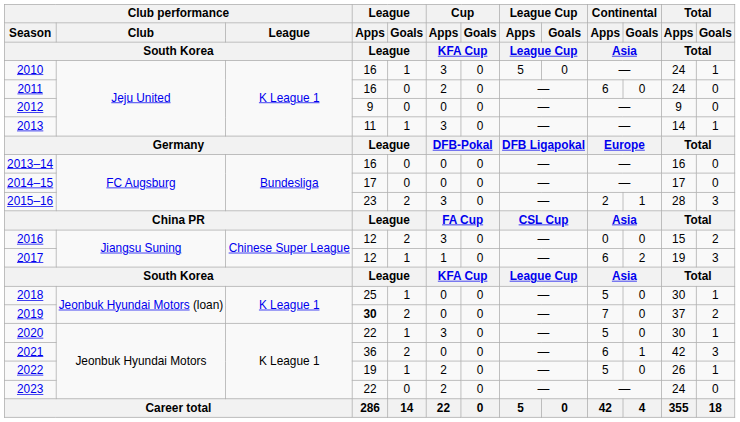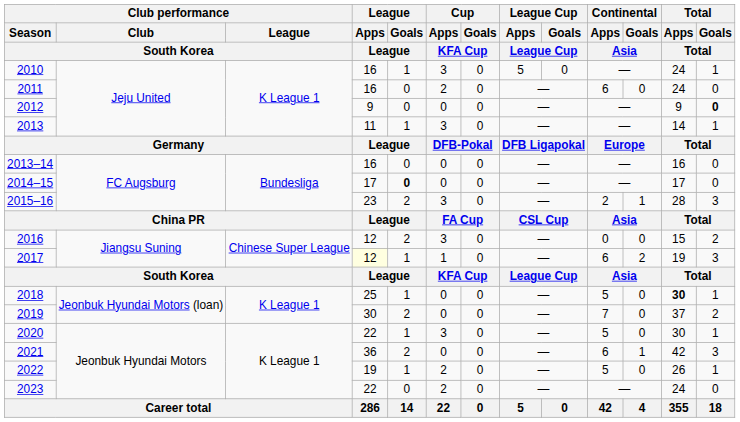 <table class="wikitable" style="text-align:center">
 <tr>
 <th colspan="3">Club performance</th>
 <th colspan="2">League</th>
 <th colspan="2">Cup</th>
 <th colspan="2">League Cup</th>
 <th colspan="2">Continental</th>
 <th colspan="2">Total</th>
 </tr>
 <tr>
 <th>Season</th>
 <th>Club</th>
 <th>League</th>
 <th>Apps</th>
 <th>Goals</th>
 <th>Apps</th>
 <th>Goals</th>
 <th>Apps</th>
 <th>Goals</th>
 <th>Apps</th>
 <th>Goals</th>
 <th>Apps</th>
 <th>Goals</th>
 </tr>
 <tr>
 <th colspan="3">South Korea</th>
 <th colspan="2">League</th>
 <th colspan="2"><a href='#'>KFA Cup</a></th>
 <th colspan="2"><a href='#'>League Cup</a></th>
 <th colspan="2"><a href='#'>Asia</a></th>
 <th colspan="2">Total</th>
 </tr>
 <tr>
 <td><a href='#'>2010</a></td>
 <td rowspan="4"><a href='#'>Jeju United</a></td>
 <td rowspan="4"><a href='#'>K League 1</a></td>
 <td>16</td>
 <td>1</td>
 <td>3</td>
 <td>0</td>
 <td>5</td>
 <td>0</td>
 <td colspan="2">—</td>
 <td>24</td>
 <td>1</td>
 </tr>
 <tr>
 <td><a href='#'>2011</a></td>
 <td>16</td>
 <td>0</td>
 <td>2</td>
 <td>0</td>
 <td colspan="2">—</td>
 <td>6</td>
 <td>0</td>
 <td>24</td>
 <td>0</td>
 </tr>
 <tr>
 <td><a href='#'>2012</a></td>
 <td>9</td>
 <td>0</td>
 <td>0</td>
 <td>0</td>
 <td colspan="2">—</td>
 <td colspan="2">—</td>
 <td>9</td>
-<td>0</td>
+<td><strong>0</strong></td>
 </tr>
 <tr>
 <td><a href='#'>2013</a></td>
 <td>11</td>
 <td>1</td>
 <td>3</td>
 <td>0</td>
 <td colspan="2">—</td>
 <td colspan="2">—</td>
 <td>14</td>
 <td>1</td>
 </tr>
 <tr>
 <th colspan="3">Germany</th>
 <th colspan="2">League</th>
 <th colspan="2"><a href='#'>DFB-Pokal</a></th>
 <th colspan="2"><a href='#'>DFB Ligapokal</a></th>
 <th colspan="2"><a href='#'>Europe</a></th>
 <th colspan="2">Total</th>
 </tr>
 <tr>
 <td><a href='#'>2013–14</a></td>
 <td rowspan="3"><a href='#'>FC Augsburg</a></td>
 <td rowspan="3"><a href='#'>Bundesliga</a></td>
 <td>16</td>
 <td>0</td>
 <td>0</td>
 <td>0</td>
 <td colspan="2">—</td>
 <td colspan="2">—</td>
 <td>16</td>
 <td>0</td>
 </tr>
 <tr>
 <td><a href='#'>2014–15</a></td>
 <td>17</td>
-<td>0</td>
+<td><strong>0</strong></td>
 <td>0</td>
 <td>0</td>
 <td colspan="2">—</td>
 <td colspan="2">—</td>
 <td>17</td>
 <td>0</td>
 </tr>
 <tr>
 <td><a href='#'>2015–16</a></td>
 <td>23</td>
 <td>2</td>
 <td>3</td>
 <td>0</td>
 <td colspan="2">—</td>
 <td>2</td>
 <td>1</td>
 <td>28</td>
 <td>3</td>
 </tr>
 <tr>
 <th colspan="3">China PR</th>
 <th colspan="2">League</th>
 <th colspan="2"><a href='#'>FA Cup</a></th>
 <th colspan="2"><a href='#'>CSL Cup</a></th>
 <th colspan="2"><a href='#'>Asia</a></th>
 <th colspan="2">Total</th>
 </tr>
 <tr>
 <td><a href='#'>2016</a></td>
 <td rowspan="2"><a href='#'>Jiangsu Suning</a></td>
 <td rowspan="2"><a href='#'>Chinese Super League</a></td>
 <td>12</td>
 <td>2</td>
 <td>3</td>
 <td>0</td>
 <td colspan="2">—</td>
 <td>0</td>
 <td>0</td>
 <td>15</td>
 <td>2</td>
 </tr>
 <tr>
 <td><a href='#'>2017</a></td>
-<td>12</td>
+<td style="background: lightyellow;">12</td>
 <td>1</td>
 <td>1</td>
 <td>0</td>
 <td colspan="2">—</td>
 <td>6</td>
 <td>2</td>
 <td>19</td>
 <td>3</td>
 </tr>
 <tr>
 <th colspan="3">South Korea</th>
 <th colspan="2">League</th>
 <th colspan="2"><a href='#'>KFA Cup</a></th>
 <th colspan="2"><a href='#'>League Cup</a></th>
 <th colspan="2"><a href='#'>Asia</a></th>
 <th colspan="2">Total</th>
 </tr>
 <tr>
 <td><a href='#'>2018</a></td>
 <td rowspan="2"><a href='#'>Jeonbuk Hyundai Motors</a> (loan)</td>
 <td rowspan="2"><a href='#'>K League 1</a></td>
 <td>25</td>
 <td>1</td>
 <td>0</td>
 <td>0</td>
 <td colspan="2">—</td>
 <td>5</td>
 <td>0</td>
-<td>30</td>
+<td><strong>30</strong></td>
 <td>1</td>
 </tr>
 <tr>
 <td><a href='#'>2019</a></td>
-<td><strong>30</strong></td>
+<td>30</td>
 <td>2</td>
 <td>0</td>
 <td>0</td>
 <td colspan="2">—</td>
 <td>7</td>
 <td>0</td>
 <td>37</td>
 <td>2</td>
 </tr>
 <tr>
 <td><a href='#'>2020</a></td>
 <td rowspan="4">Jeonbuk Hyundai Motors</td>
 <td rowspan="4">K League 1</td>
 <td>22</td>
 <td>1</td>
 <td>3</td>
 <td>0</td>
 <td colspan="2">—</td>
 <td>5</td>
 <td>0</td>
 <td>30</td>
 <td>1</td>
 </tr>
 <tr>
 <td><a href='#'>2021</a></td>
 <td>36</td>
 <td>2</td>
 <td>0</td>
 <td>0</td>
 <td colspan="2">—</td>
 <td>6</td>
 <td>1</td>
 <td>42</td>
 <td>3</td>
 </tr>
 <tr>
 <td><a href='#'>2022</a></td>
 <td>19</td>
 <td>1</td>
 <td>2</td>
 <td>0</td>
 <td colspan="2">—</td>
 <td>5</td>
 <td>0</td>
 <td>26</td>
 <td>1</td>
 </tr>
 <tr>
 <td><a href='#'>2023</a></td>
 <td>22</td>
 <td>0</td>
 <td>2</td>
 <td>0</td>
 <td colspan="2">—</td>
 <td colspan="2">—</td>
 <td>24</td>
 <td>0</td>
 </tr>
 <tr>
 <th colspan="3">Career total</th>
 <th>286</th>
 <th>14</th>
 <th>22</th>
 <th>0</th>
 <th>5</th>
 <th>0</th>
 <th>42</th>
 <th>4</th>
 <th>355</th>
 <th>18</th>
 </tr>
 </table>
